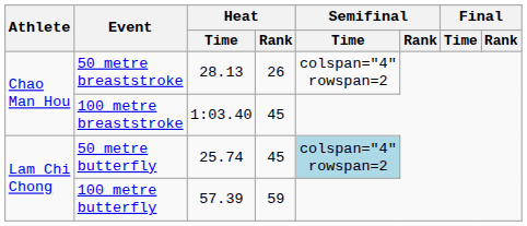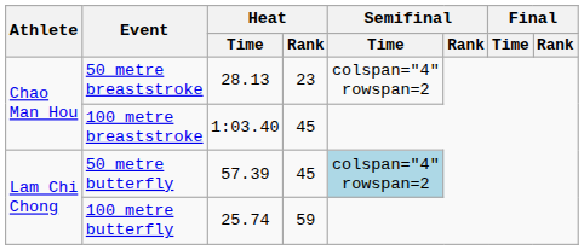 <table class="wikitable" style="text-align:center; font-size:90%; width:50%;">
 <tr>
 <th rowspan="2">Athlete</th>
 <th rowspan="2">Event</th>
 <th colspan="2">Heat</th>
 <th colspan="2">Semifinal</th>
 <th colspan="2">Final</th>
 </tr>
 <tr style="font-size:95%">
 <th>Time</th>
 <th>Rank</th>
 <th>Time</th>
 <th>Rank</th>
 <th>Time</th>
 <th>Rank</th>
 </tr>
 <tr align=center>
 <td align=left rowspan=2><a href='#'>Chao Man Hou</a></td>
 <td align=left><a href='#'>50 metre breaststroke</a></td>
 <td>28.13</td>
-<td>26</td>
+<td>23</td>
 <td>colspan="4" rowspan=2 </td>
 </tr>
 <tr align=center>
 <td align=left><a href='#'>100 metre breaststroke</a></td>
 <td>1:03.40</td>
 <td>45</td>
 </tr>
 <tr align=center>
 <td align=left rowspan="2"><a href='#'>Lam Chi Chong</a></td>
 <td align=left><a href='#'>50 metre butterfly</a></td>
-<td>25.74</td>
+<td>57.39</td>
 <td>45</td>
 <td style="background: lightblue;">colspan="4" rowspan=2 </td>
 </tr>
 <tr align=center>
 <td align=left><a href='#'>100 metre butterfly</a></td>
-<td>57.39</td>
+<td>25.74</td>
 <td>59</td>
 </tr>
 </table>
